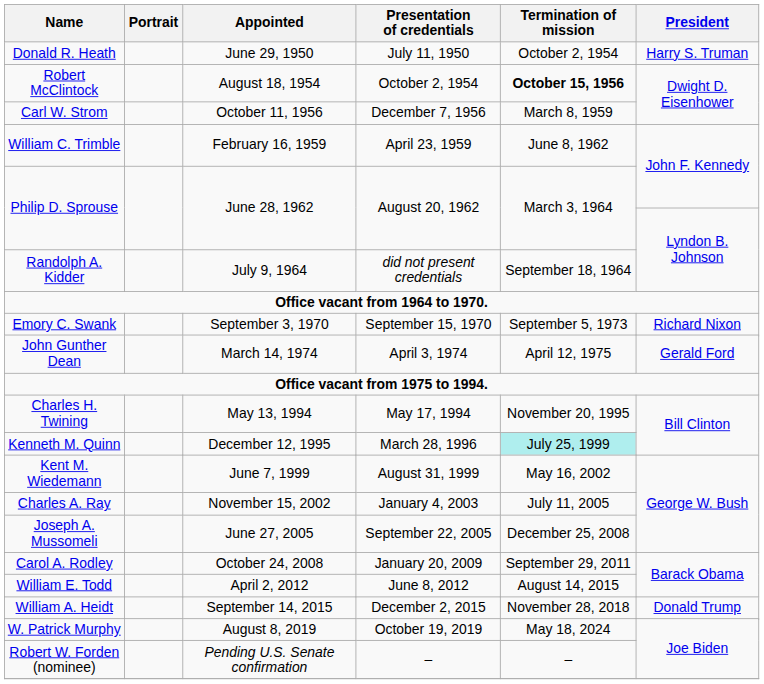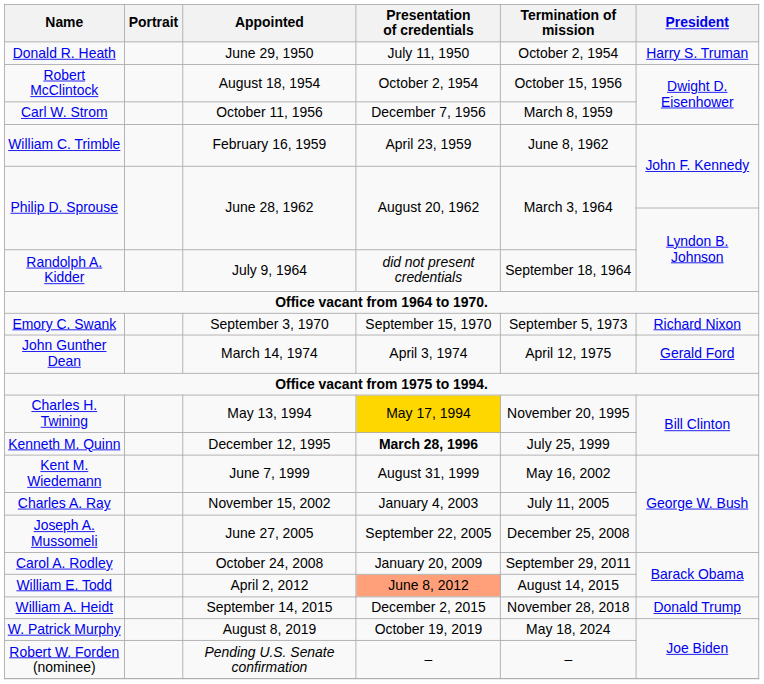 <table class="wikitable" style="text-align: center;">
 <tr>
 <th>Name</th>
 <th style="width:60px">Portrait</th>
 <th>Appointed</th>
 <th>Presentation<br>of credentials</th>
 <th>Termination of mission</th>
 <th><a href='#'>President</a></th>
 </tr>
 <tr>
 <td rowspan="2"><a href='#'>Donald R. Heath</a></td>
 <td rowspan="2"></td>
 <td rowspan="2">June 29, 1950</td>
 <td rowspan="2">July 11, 1950</td>
 <td rowspan="2">October 2, 1954</td>
 <td><a href='#'>Harry S. Truman</a></td>
 </tr>
 <tr>
 <td rowspan="4"><a href='#'>Dwight D. Eisenhower</a></td>
 </tr>
 <tr>
 <td><a href='#'>Robert McClintock</a></td>
 <td></td>
 <td>August 18, 1954</td>
 <td>October 2, 1954</td>
-<td><strong>October 15, 1956</strong></td>
+<td>October 15, 1956</td>
 </tr>
 <tr>
 <td><a href='#'>Carl W. Strom</a></td>
 <td></td>
 <td>October 11, 1956</td>
 <td>December 7, 1956</td>
 <td>March 8, 1959</td>
 </tr>
 <tr>
 <td rowspan="2"><a href='#'>William C. Trimble</a></td>
 <td rowspan="2"></td>
 <td rowspan="2">February 16, 1959</td>
 <td rowspan="2">April 23, 1959</td>
 <td rowspan="2">June 8, 1962</td>
 </tr>
 <tr style="height:3em">
 <td rowspan="2"><a href='#'>John F. Kennedy</a></td>
 </tr>
 <tr style="height:3em">
 <td rowspan="2"><a href='#'>Philip D. Sprouse</a></td>
 <td rowspan="2"></td>
 <td rowspan="2">June 28, 1962</td>
 <td rowspan="2">August 20, 1962</td>
 <td rowspan="2">March 3, 1964</td>
 </tr>
 <tr style="height:3em">
 <td rowspan=2><a href='#'>Lyndon B. Johnson</a></td>
 </tr>
 <tr style="height:3em">
 <td><a href='#'>Randolph A. Kidder</a></td>
 <td></td>
 <td>July 9, 1964</td>
 <td><em>did not present credentials</em></td>
 <td>September 18, 1964</td>
 </tr>
 <tr>
 <td colspan=15 align=center><strong>Office vacant from 1964 to 1970.</strong></td>
 </tr>
 <tr>
 <td><a href='#'>Emory C. Swank</a></td>
 <td></td>
 <td>September 3, 1970</td>
 <td>September 15, 1970</td>
 <td>September 5, 1973</td>
 <td rowspan="2"><a href='#'>Richard Nixon</a></td>
 </tr>
 <tr>
 <td rowspan="2"><a href='#'>John Gunther Dean</a></td>
 <td rowspan="2"></td>
 <td rowspan="2">March 14, 1974</td>
 <td rowspan="2">April 3, 1974</td>
 <td rowspan="2">April 12, 1975</td>
 </tr>
 <tr>
 <td><a href='#'>Gerald Ford</a></td>
 </tr>
 <tr>
 <td colspan=15 align=center><strong>Office vacant from 1975 to 1994.</strong></td>
 </tr>
 <tr>
 <td><a href='#'>Charles H. Twining</a></td>
 <td></td>
 <td>May 13, 1994</td>
-<td>May 17, 1994</td>
+<td style="background: gold;">May 17, 1994</td>
 <td>November 20, 1995</td>
 <td rowspan="3"><a href='#'>Bill Clinton</a></td>
 </tr>
 <tr>
 <td><a href='#'>Kenneth M. Quinn</a></td>
 <td></td>
 <td>December 12, 1995</td>
-<td>March 28, 1996</td>
-<td style="background: paleturquoise;">July 25, 1999</td>
+<td><strong>March 28, 1996</strong></td>
+<td>July 25, 1999</td>
 </tr>
 <tr>
 <td rowspan="2"><a href='#'>Kent M. Wiedemann</a></td>
 <td rowspan="2"></td>
 <td rowspan="2">June 7, 1999</td>
 <td rowspan="2">August 31, 1999</td>
 <td rowspan="2">May 16, 2002</td>
 </tr>
 <tr>
 <td rowspan="4"><a href='#'>George W. Bush</a></td>
 </tr>
 <tr>
 <td><a href='#'>Charles A. Ray</a></td>
 <td></td>
 <td>November 15, 2002</td>
 <td>January 4, 2003</td>
 <td>July 11, 2005</td>
 </tr>
 <tr>
 <td><a href='#'>Joseph A. Mussomeli</a></td>
 <td></td>
 <td>June 27, 2005</td>
 <td>September 22, 2005</td>
 <td>December 25, 2008</td>
 </tr>
 <tr>
 <td rowspan="2"><a href='#'>Carol A. Rodley</a></td>
 <td rowspan="2"></td>
 <td rowspan="2">October 24, 2008</td>
 <td rowspan="2">January 20, 2009</td>
 <td rowspan="2">September 29, 2011</td>
 </tr>
 <tr>
 <td rowspan="3"><a href='#'>Barack Obama</a></td>
 </tr>
 <tr>
 <td><a href='#'>William E. Todd</a></td>
 <td></td>
 <td>April 2, 2012</td>
-<td>June 8, 2012</td>
+<td style="background: lightsalmon;">June 8, 2012</td>
 <td>August 14, 2015</td>
 </tr>
 <tr>
 <td rowspan="2"><a href='#'>William A. Heidt</a></td>
 <td rowspan="2"></td>
 <td rowspan="2">September 14, 2015</td>
 <td rowspan="2">December 2, 2015</td>
 <td rowspan="2">November 28, 2018</td>
 </tr>
 <tr>
 <td rowspan="2"><a href='#'>Donald Trump</a></td>
 </tr>
 <tr>
 <td rowspan="2"><a href='#'>W. Patrick Murphy</a></td>
 <td rowspan="2"></td>
 <td rowspan="2">August 8, 2019</td>
 <td rowspan="2">October 19, 2019</td>
 <td rowspan="2">May 18, 2024</td>
 </tr>
 <tr>
 <td rowspan="2"><a href='#'>Joe Biden</a></td>
 </tr>
 <tr>
 <td><a href='#'>Robert W. Forden</a><br>(nominee)</td>
 <td></td>
 <td><em>Pending U.S. Senate confirmation</em></td>
 <td>–</td>
 <td>–</td>
 </tr>
 <tr>
 </tr>
 </table>
